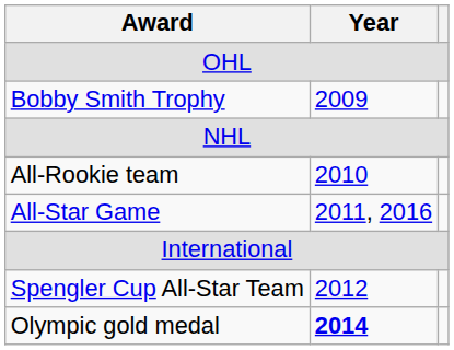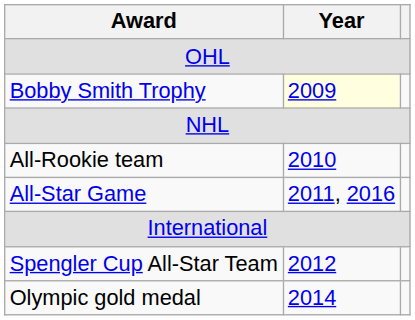 <table class="wikitable">
 <tr>
 <th>Award</th>
 <th>Year</th>
 <th></th>
 </tr>
 <tr ALIGN="center" bgcolor="#e0e0e0">
 <td colspan="3"><a href='#'>OHL</a></td>
 </tr>
 <tr>
 <td><a href='#'>Bobby Smith Trophy</a></td>
-<td><a href='#'>2009</a></td>
+<td style="background: lightyellow;"><a href='#'>2009</a></td>
 <td></td>
 </tr>
 <tr ALIGN="center" bgcolor="#e0e0e0">
 <td colspan="3"><a href='#'>NHL</a></td>
 </tr>
 <tr>
 <td>All-Rookie team</td>
 <td><a href='#'>2010</a></td>
 <td></td>
 </tr>
 <tr>
 <td><a href='#'>All-Star Game</a></td>
 <td><a href='#'>2011</a>, <a href='#'>2016</a></td>
 <td></td>
 </tr>
 <tr ALIGN="center" bgcolor="#e0e0e0">
 <td colspan="3"><a href='#'>International</a></td>
 </tr>
 <tr>
 <td><a href='#'>Spengler Cup</a> All-Star Team</td>
 <td><a href='#'>2012</a></td>
 <td></td>
 </tr>
 <tr>
 <td>Olympic gold medal</td>
-<td><strong><a href='#'>2014</a></strong></td>
+<td><a href='#'>2014</a></td>
 <td></td>
 </tr>
 </table>
